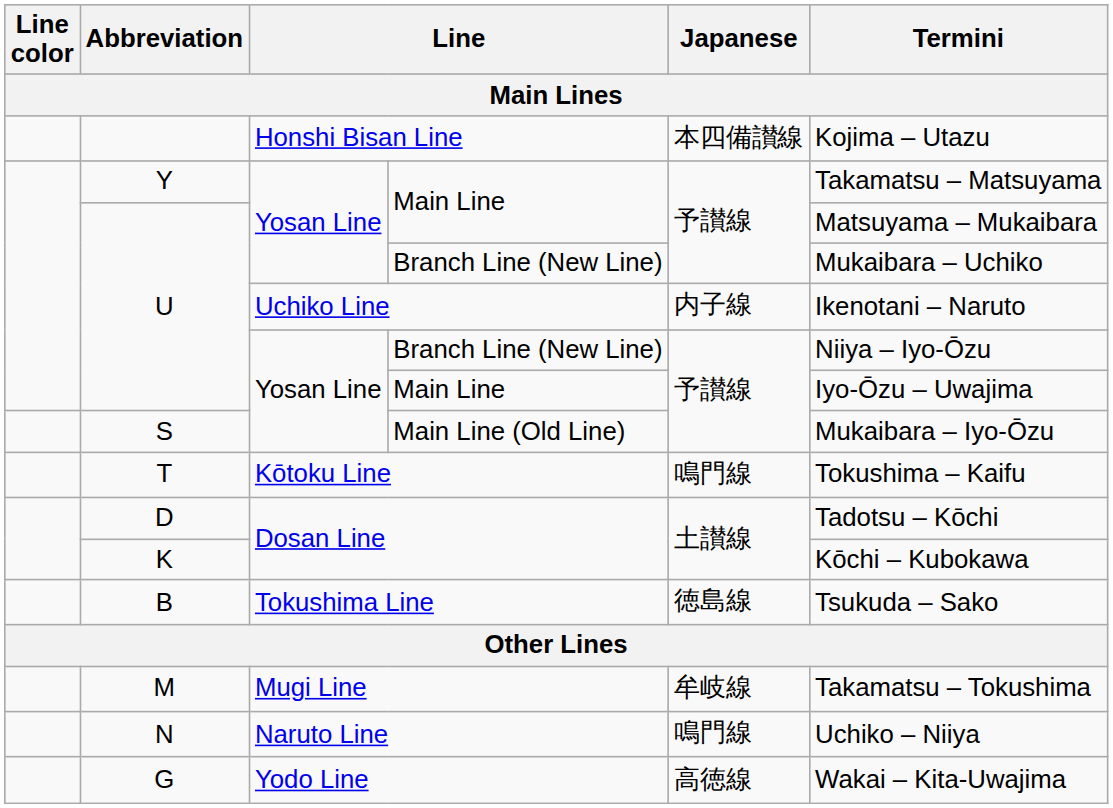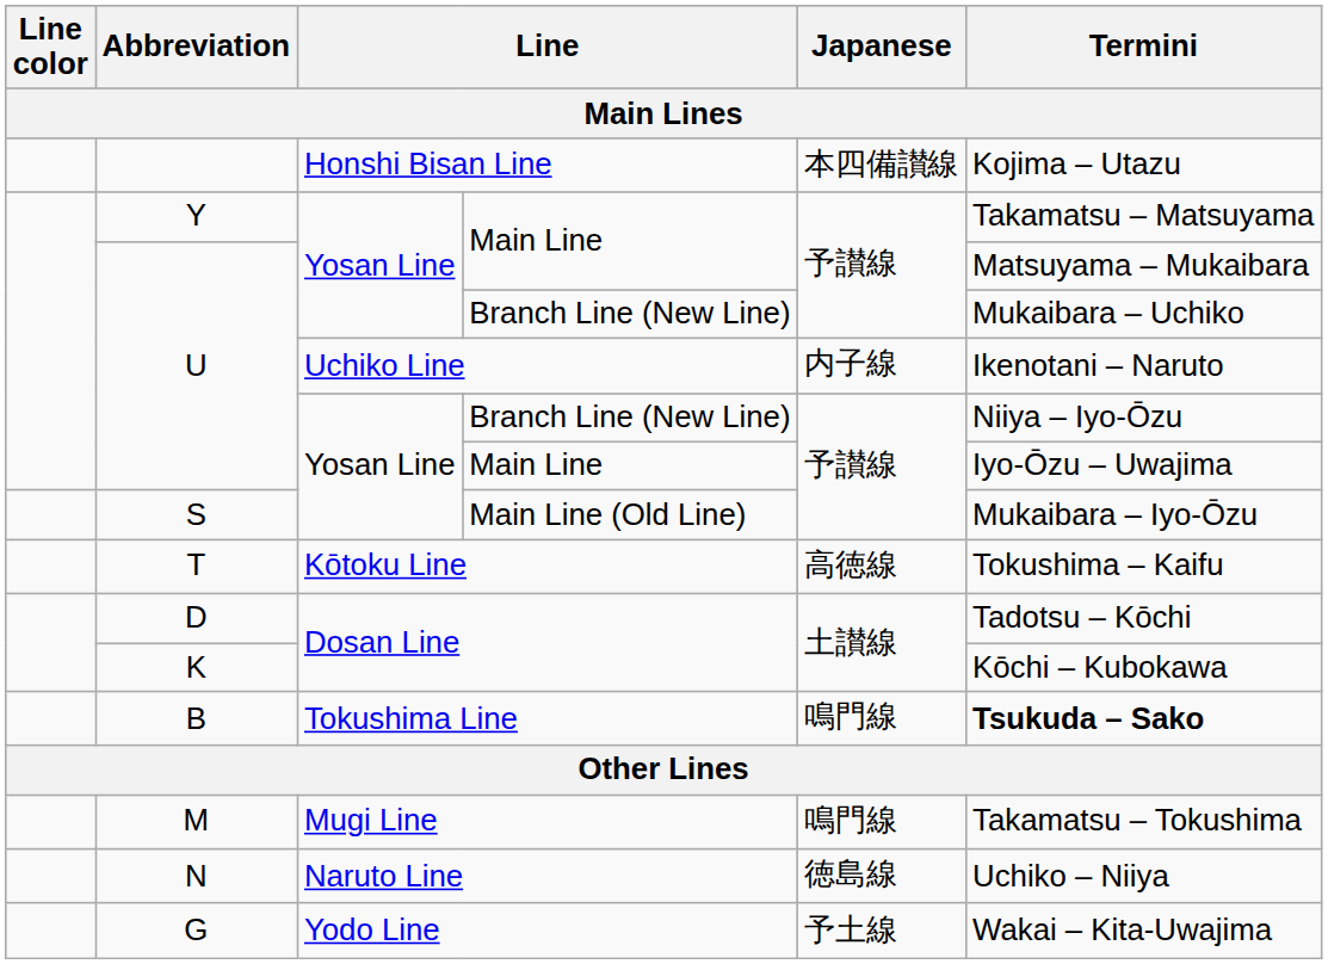 <table class="wikitable" rules="all">
 <tr>
 <th>Line<br>color</th>
 <th>Abbreviation</th>
 <th colspan="2">Line</th>
 <th>Japanese</th>
 <th>Termini</th>
 </tr>
 <tr>
 <th colspan="6">Main Lines</th>
 </tr>
 <tr>
 <td> </td>
 <td align=center></td>
 <td colspan=2><a href='#'>Honshi Bisan Line</a></td>
 <td>本四備讃線</td>
 <td>Kojima – Utazu</td>
 </tr>
 <tr>
 <td rowspan=6 style="background:"> </td>
 <td align=center>Y</td>
 <td rowspan=3><a href='#'>Yosan Line</a></td>
 <td rowspan=2>Main Line</td>
 <td rowspan=3>予讃線</td>
 <td>Takamatsu – Matsuyama</td>
 </tr>
 <tr>
 <td rowspan="5" style="text-align:center;">U</td>
 <td>Matsuyama – Mukaibara</td>
 </tr>
 <tr>
 <td>Branch Line (New Line)</td>
 <td>Mukaibara – Uchiko</td>
 </tr>
 <tr>
 <td colspan=2><a href='#'>Uchiko Line</a></td>
 <td>内子線</td>
 <td>Ikenotani – Naruto</td>
 </tr>
 <tr>
 <td rowspan=3>Yosan Line</td>
 <td>Branch Line (New Line)</td>
 <td rowspan=3>予讃線</td>
 <td>Niiya – Iyo-Ōzu</td>
 </tr>
 <tr>
 <td>Main Line</td>
 <td>Iyo-Ōzu – Uwajima</td>
 </tr>
 <tr>
 <td style="background:"> </td>
 <td align=center>S</td>
 <td>Main Line (Old Line)</td>
 <td>Mukaibara – Iyo-Ōzu</td>
 </tr>
 <tr>
 <td style="background:"> </td>
 <td align=center>T</td>
 <td colspan=2><a href='#'>Kōtoku Line</a></td>
-<td>鳴門線</td>
+<td>高徳線</td>
 <td>Tokushima – Kaifu</td>
 </tr>
 <tr>
 <td rowspan=2 style="background:"> </td>
 <td align=center>D</td>
 <td rowspan=2 colspan=2><a href='#'>Dosan Line</a></td>
 <td rowspan=2>土讃線</td>
 <td>Tadotsu – Kōchi</td>
 </tr>
 <tr>
 <td align=center>K</td>
 <td>Kōchi – Kubokawa</td>
 </tr>
 <tr>
 <td style="background:"> </td>
 <td align=center>B</td>
 <td colspan=2><a href='#'>Tokushima Line</a></td>
-<td>徳島線</td>
-<td>Tsukuda – Sako</td>
+<td>鳴門線</td>
+<td><strong>Tsukuda – Sako</strong></td>
 </tr>
 <tr>
 <th colspan=6>Other Lines</th>
 </tr>
 <tr>
 <td style="background:"> </td>
 <td align=center>M</td>
 <td colspan=2><a href='#'>Mugi Line</a></td>
-<td>牟岐線</td>
+<td>鳴門線</td>
 <td>Takamatsu – Tokushima</td>
 </tr>
 <tr>
 <td style="background:"> </td>
 <td align=center>N</td>
 <td colspan=2><a href='#'>Naruto Line</a></td>
-<td>鳴門線</td>
+<td>徳島線</td>
 <td>Uchiko – Niiya</td>
 </tr>
 <tr>
 <td style="background:"> </td>
 <td align=center>G</td>
 <td colspan=2><a href='#'>Yodo Line</a></td>
-<td>高徳線</td>
+<td>予土線</td>
 <td>Wakai – Kita-Uwajima</td>
 </tr>
 </table>
